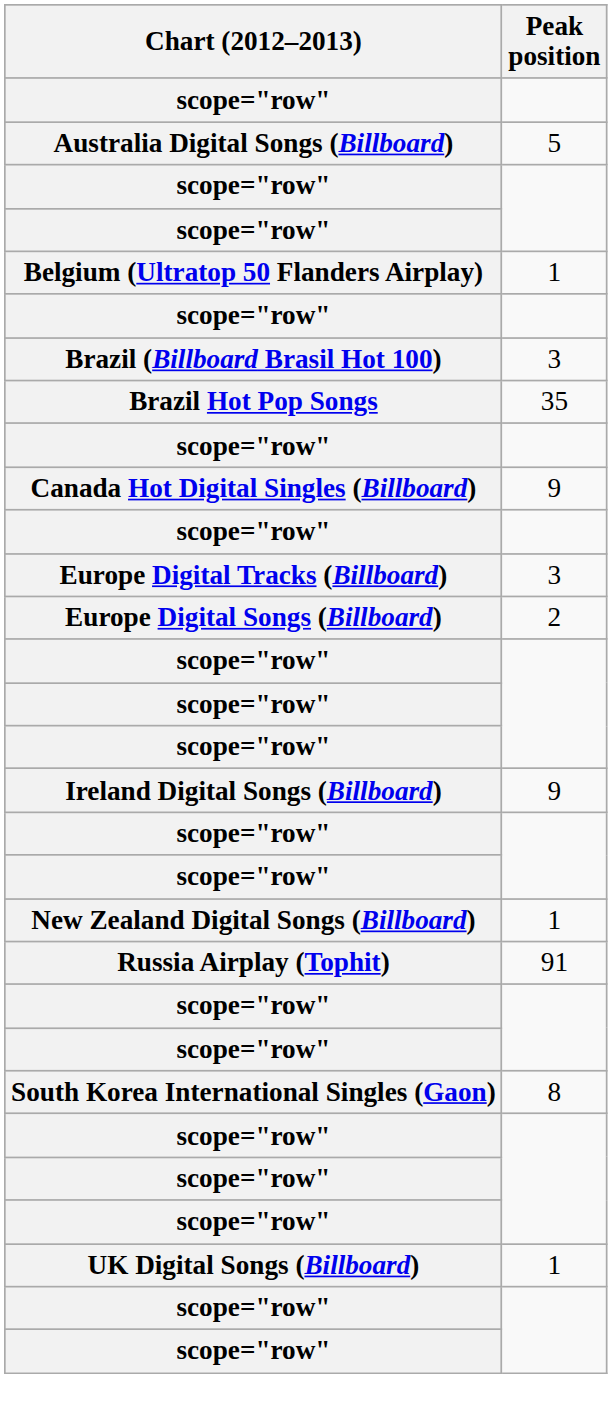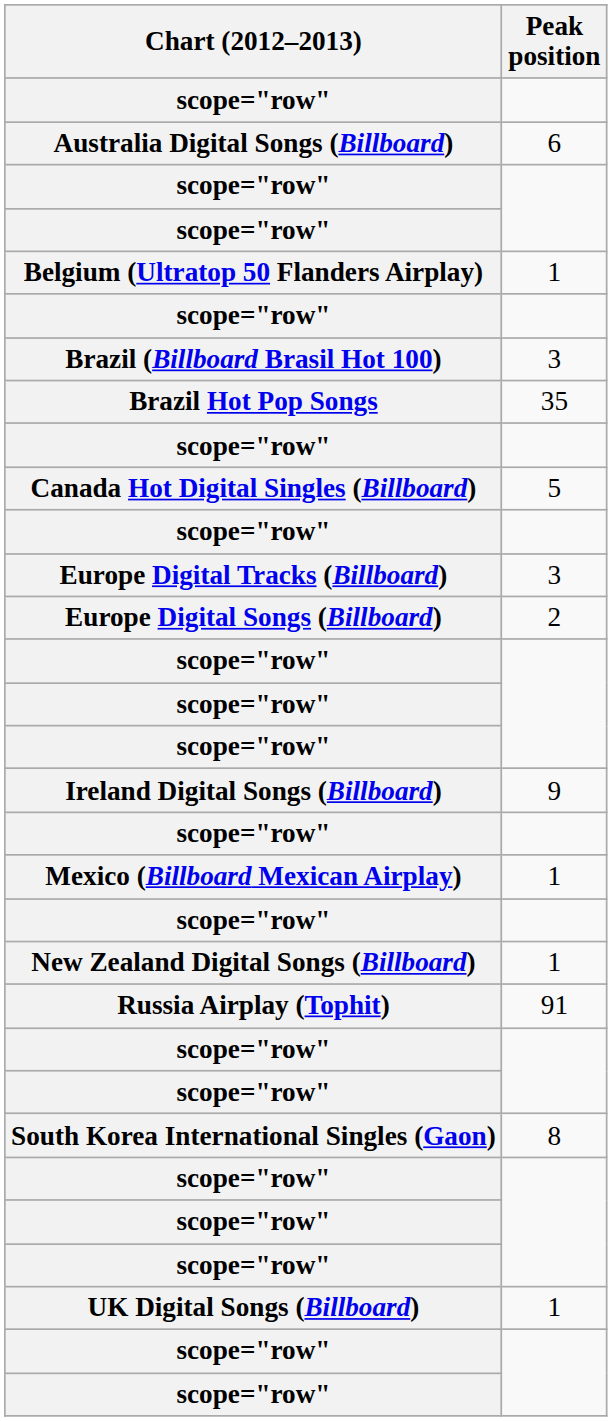 <table class="wikitable sortable plainrowheaders">
 <tr>
 <th>Chart (2012–2013)</th>
 <th>Peak<br>position</th>
 </tr>
 <tr>
 <th>scope="row" </th>
 </tr>
 <tr>
 <th scope="row">Australia Digital Songs (<em><a href='#'>Billboard</a></em>)</th>
-<td align=center>5</td>
+<td align=center>6</td>
 </tr>
 <tr>
 <th>scope="row" </th>
 </tr>
 <tr>
 <th>scope="row" </th>
 </tr>
 <tr>
 <th scope="row">Belgium (<a href='#'>Ultratop 50</a> Flanders Airplay)</th>
 <td style="text-align:center;">1</td>
 </tr>
 <tr>
 <th>scope="row" </th>
 </tr>
 <tr>
 <th scope="row">Brazil (<a href='#'><em>Billboard</em> Brasil Hot 100</a>)</th>
 <td style="text-align:center;">3</td>
 </tr>
 <tr>
 <th scope="row">Brazil <a href='#'>Hot Pop Songs</a></th>
 <td style="text-align:center;">35</td>
 </tr>
 <tr>
 <th>scope="row" </th>
 </tr>
 <tr>
 <th scope="row">Canada <a href='#'>Hot Digital Singles</a> (<em><a href='#'>Billboard</a></em>)</th>
-<td align=center>9</td>
+<td align=center>5</td>
 </tr>
 <tr>
 <th>scope="row" </th>
 </tr>
 <tr>
 <th scope="row">Europe <a href='#'>Digital Tracks</a> (<em><a href='#'>Billboard</a></em>)</th>
 <td align=center>3</td>
 </tr>
 <tr>
 <th scope="row">Europe <a href='#'>Digital Songs</a> (<em><a href='#'>Billboard</a></em>)</th>
 <td align=center>2</td>
 </tr>
 <tr>
 <th>scope="row" </th>
 </tr>
 <tr>
 <th>scope="row" </th>
 </tr>
 <tr>
 <th>scope="row" </th>
 </tr>
 <tr>
 <th scope="row">Ireland Digital Songs (<em><a href='#'>Billboard</a></em>)</th>
 <td align=center>9</td>
 </tr>
 <tr>
 <th>scope="row" </th>
+</tr>
+<tr>
+<th scope="row">Mexico (<a href='#'><em>Billboard</em> Mexican Airplay</a>)</th>
+<td align=center>1</td>
 </tr>
 <tr>
 <th>scope="row" </th>
 </tr>
 <tr>
 <th scope="row">New Zealand Digital Songs (<em><a href='#'>Billboard</a></em>)</th>
 <td align=center>1</td>
 </tr>
 <tr>
 <th scope="row">Russia Airplay (<a href='#'>Tophit</a>)</th>
 <td style="text-align:center">91</td>
 </tr>
 <tr>
 <th>scope="row" </th>
 </tr>
 <tr>
 <th>scope="row" </th>
 </tr>
 <tr>
 <th scope="row">South Korea International Singles (<a href='#'>Gaon</a>)</th>
 <td style="text-align:center;">8</td>
 </tr>
 <tr>
 <th>scope="row" </th>
 </tr>
 <tr>
 <th>scope="row" </th>
 </tr>
 <tr>
 <th>scope="row" </th>
 </tr>
 <tr>
 <th scope="row">UK Digital Songs (<em><a href='#'>Billboard</a></em>)</th>
 <td align=center>1</td>
 </tr>
 <tr>
 <th>scope="row" </th>
 </tr>
 <tr>
 <th>scope="row" </th>
 </tr>
 </table>
